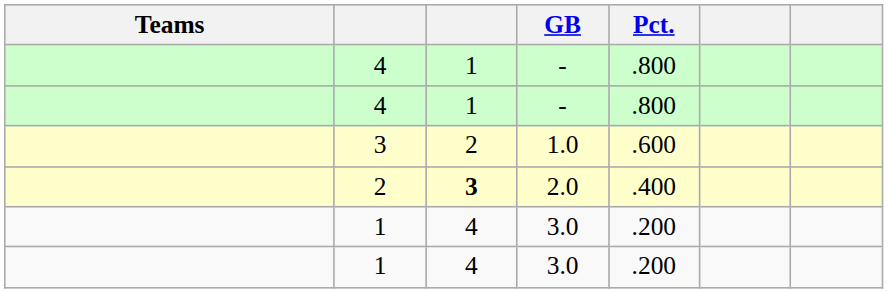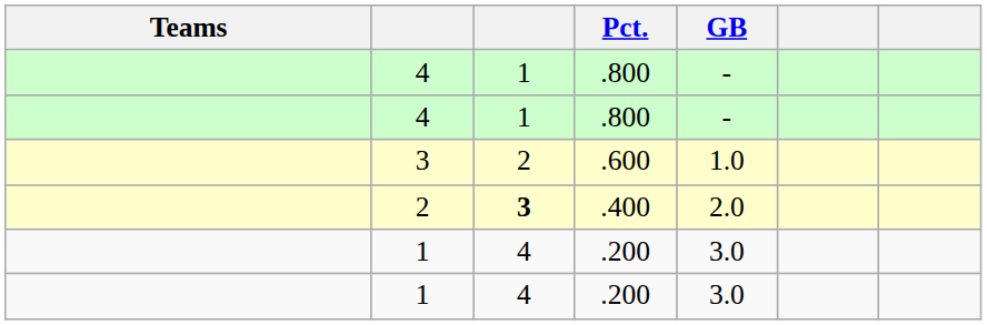 <table class="wikitable" style="text-align:center;">
 <tr>
 <th width=200px>Teams</th>
 <th width=50px></th>
 <th width=50px></th>
+<th width=50px><a href='#'>Pct.</a></th>
 <th width=50px><a href='#'>GB</a></th>
-<th width=50px><a href='#'>Pct.</a></th>
 <th width=50px></th>
 <th width=50px></th>
 </tr>
 <tr style="background-color:#ccffcc">
 <td align=left></td>
 <td>4</td>
 <td>1</td>
+<td>.800</td>
 <td>-</td>
-<td>.800</td>
 <td></td>
 <td></td>
 </tr>
 <tr style="background-color:#ccffcc">
 <td align=left></td>
 <td>4</td>
 <td>1</td>
+<td>.800</td>
 <td>-</td>
-<td>.800</td>
 <td></td>
 <td></td>
 </tr>
 <tr style="background-color:#ffffcc">
 <td align=left></td>
 <td>3</td>
 <td>2</td>
+<td>.600</td>
 <td>1.0</td>
-<td>.600</td>
 <td></td>
 <td></td>
 </tr>
 <tr style="background-color:#ffffcc">
 <td align=left></td>
 <td>2</td>
 <td><strong>3</strong></td>
+<td>.400</td>
 <td>2.0</td>
-<td>.400</td>
 <td></td>
 <td></td>
 </tr>
 <tr style="background-color:">
 <td align=left></td>
 <td>1</td>
 <td>4</td>
+<td>.200</td>
 <td>3.0</td>
-<td>.200</td>
 <td></td>
 <td></td>
 </tr>
 <tr style="background-color:">
 <td align=left></td>
 <td>1</td>
 <td>4</td>
+<td>.200</td>
 <td>3.0</td>
-<td>.200</td>
 <td></td>
 <td></td>
 </tr>
 </table>
